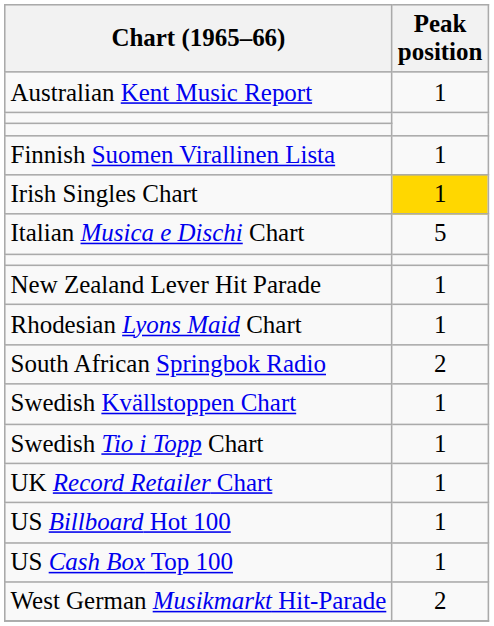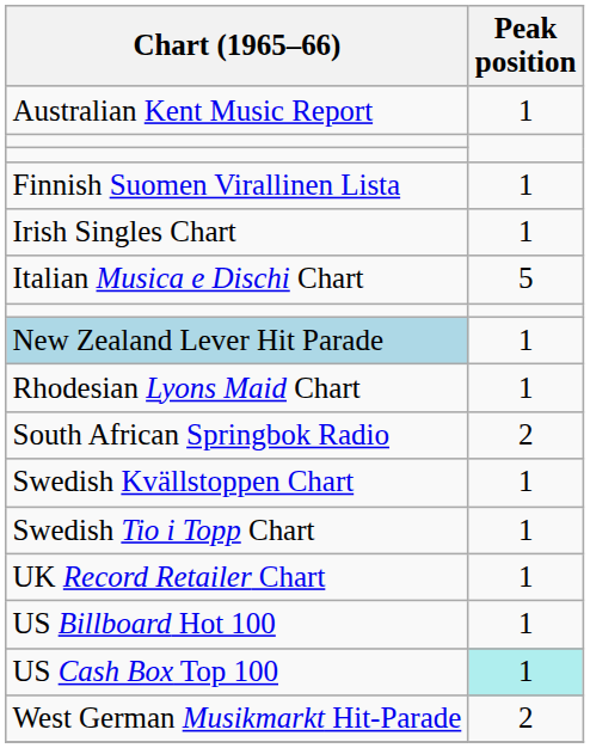 <table class="wikitable sortable">
 <tr>
 <th>Chart (1965–66)</th>
 <th>Peak<br>position</th>
 </tr>
 <tr>
 <td>Australian <a href='#'>Kent Music Report</a></td>
 <td align="center">1</td>
 </tr>
 <tr>
 <td></td>
 </tr>
 <tr>
 <td></td>
 </tr>
 <tr>
 <td>Finnish <a href='#'>Suomen Virallinen Lista</a></td>
 <td align="center">1</td>
 </tr>
 <tr>
 <td>Irish Singles Chart</td>
-<td align="center" style="background: gold;">1</td>
+<td align="center">1</td>
 </tr>
 <tr>
 <td>Italian <em><a href='#'>Musica e Dischi</a></em> Chart</td>
 <td align=center>5</td>
 </tr>
 <tr>
 <td></td>
 </tr>
 <tr>
-<td>New Zealand Lever Hit Parade</td>
+<td style="background: lightblue;">New Zealand Lever Hit Parade</td>
 <td style="text-align:center;">1</td>
 </tr>
 <tr>
 <td>Rhodesian <em><a href='#'>Lyons Maid</a></em> Chart</td>
 <td style="text-align:center;">1</td>
 </tr>
 <tr>
 <td>South African <a href='#'>Springbok Radio</a></td>
 <td align="center">2</td>
 </tr>
 <tr>
 <td>Swedish <a href='#'>Kvällstoppen Chart</a></td>
 <td style="text-align:center;">1</td>
 </tr>
 <tr>
 <td>Swedish <em><a href='#'>Tio i Topp</a></em> Chart</td>
 <td style="text-align:center;">1</td>
 </tr>
 <tr>
 <td>UK <a href='#'><em>Record Retailer</em> Chart</a></td>
 <td align="center">1</td>
 </tr>
 <tr>
 <td>US <a href='#'><em>Billboard</em> Hot 100</a></td>
 <td align="center">1</td>
 </tr>
 <tr>
 <td>US <a href='#'><em>Cash Box</em> Top 100</a></td>
-<td align="center">1</td>
+<td align="center" style="background: paleturquoise;">1</td>
 </tr>
 <tr>
 <td>West German <a href='#'><em>Musikmarkt</em> Hit-Parade</a></td>
 <td style="text-align:center;">2</td>
 </tr>
 <tr>
 </tr>
 </table>
